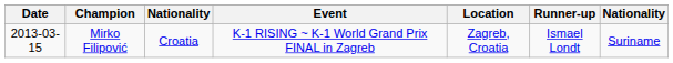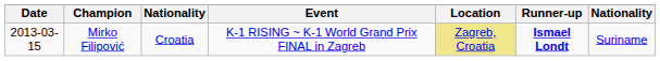 <table class="wikitable" style="text-align:center">
 <tr>
 </tr>
 <tr bgcolor="#dddddd">
 <th>Date</th>
 <th>Champion</th>
 <th>Nationality</th>
 <th>Event</th>
 <th>Location</th>
 <th>Runner-up</th>
 <th>Nationality</th>
 </tr>
 <tr>
 <td>2013-03-15</td>
 <td><a href='#'>Mirko Filipović</a></td>
 <td><a href='#'>Croatia</a></td>
 <td><a href='#'>K-1 RISING ~ K-1 World Grand Prix FINAL in Zagreb</a></td>
-<td><a href='#'>Zagreb, Croatia</a></td>
-<td><a href='#'>Ismael Londt</a></td>
+<td style="background: khaki;"><a href='#'>Zagreb, Croatia</a></td>
+<td><strong><a href='#'>Ismael Londt</a></strong></td>
 <td> <a href='#'>Suriname</a></td>
 </tr>
 </table>
